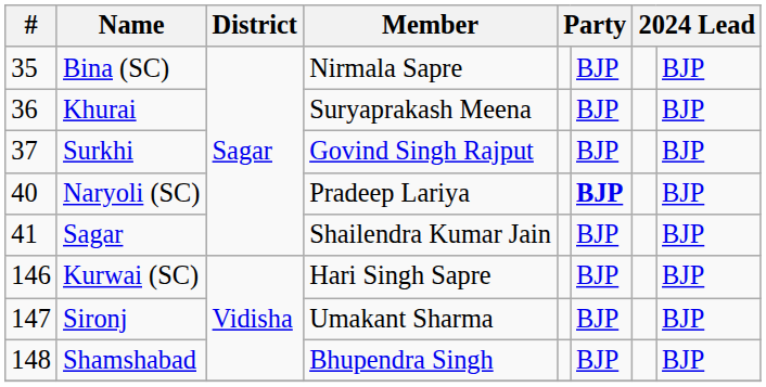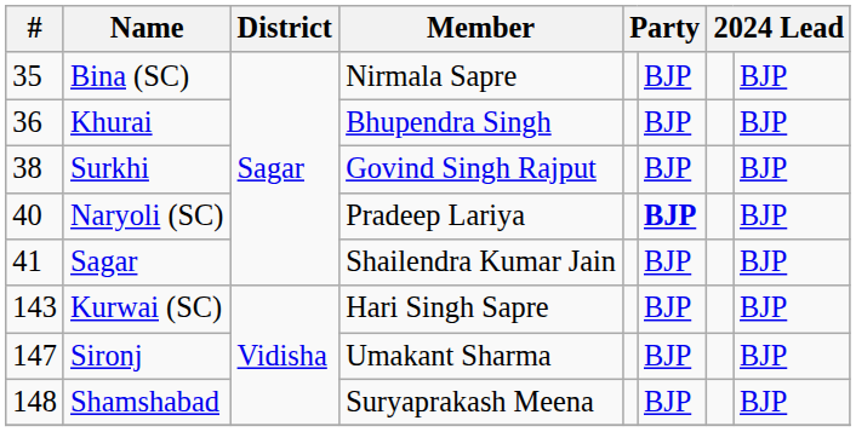 <table class="wikitable">
 <tr>
 <th>#</th>
 <th>Name</th>
 <th>District</th>
 <th>Member</th>
 <th colspan="2">Party</th>
 <th colspan="2">2024 Lead</th>
 </tr>
 <tr>
 <td>35</td>
 <td><a href='#'>Bina</a> (SC)</td>
 <td rowspan="5"><a href='#'>Sagar</a></td>
 <td>Nirmala Sapre</td>
 <td style="background-color: "></td>
 <td><a href='#'>BJP</a></td>
 <td style="background-color: "></td>
 <td><a href='#'>BJP</a></td>
 </tr>
 <tr>
 <td>36</td>
 <td><a href='#'>Khurai</a></td>
-<td>Suryaprakash Meena</td>
+<td><a href='#'>Bhupendra Singh</a></td>
 <td style="background-color: "></td>
 <td><a href='#'>BJP</a></td>
 <td style="background-color: "></td>
 <td><a href='#'>BJP</a></td>
 </tr>
 <tr>
-<td>37</td>
+<td>38</td>
 <td><a href='#'>Surkhi</a></td>
 <td><a href='#'>Govind Singh Rajput</a></td>
 <td style="background-color: "></td>
 <td><a href='#'>BJP</a></td>
 <td style="background-color: "></td>
 <td><a href='#'>BJP</a></td>
 </tr>
 <tr>
 <td>40</td>
 <td><a href='#'>Naryoli</a> (SC)</td>
 <td>Pradeep Lariya</td>
 <td style="background-color: "></td>
 <td><strong><a href='#'>BJP</a></strong></td>
 <td style="background-color: "></td>
 <td><a href='#'>BJP</a></td>
 </tr>
 <tr>
 <td>41</td>
 <td><a href='#'>Sagar</a></td>
 <td>Shailendra Kumar Jain</td>
 <td style="background-color: "></td>
 <td><a href='#'>BJP</a></td>
 <td style="background-color: "></td>
 <td><a href='#'>BJP</a></td>
 </tr>
 <tr>
-<td>146</td>
+<td>143</td>
 <td><a href='#'>Kurwai</a> (SC)</td>
 <td rowspan="3"><a href='#'>Vidisha</a></td>
 <td>Hari Singh Sapre</td>
 <td style="background-color: "></td>
 <td><a href='#'>BJP</a></td>
 <td style="background-color: "></td>
 <td><a href='#'>BJP</a></td>
 </tr>
 <tr>
 <td>147</td>
 <td><a href='#'>Sironj</a></td>
 <td>Umakant Sharma</td>
 <td style="background-color: "></td>
 <td><a href='#'>BJP</a></td>
 <td style="background-color: "></td>
 <td><a href='#'>BJP</a></td>
 </tr>
 <tr>
 <td>148</td>
 <td><a href='#'>Shamshabad</a></td>
-<td><a href='#'>Bhupendra Singh</a></td>
+<td>Suryaprakash Meena</td>
 <td style="background-color: "></td>
 <td><a href='#'>BJP</a></td>
 <td style="background-color: "></td>
 <td><a href='#'>BJP</a></td>
 </tr>
 <tr>
 </tr>
 </table>
